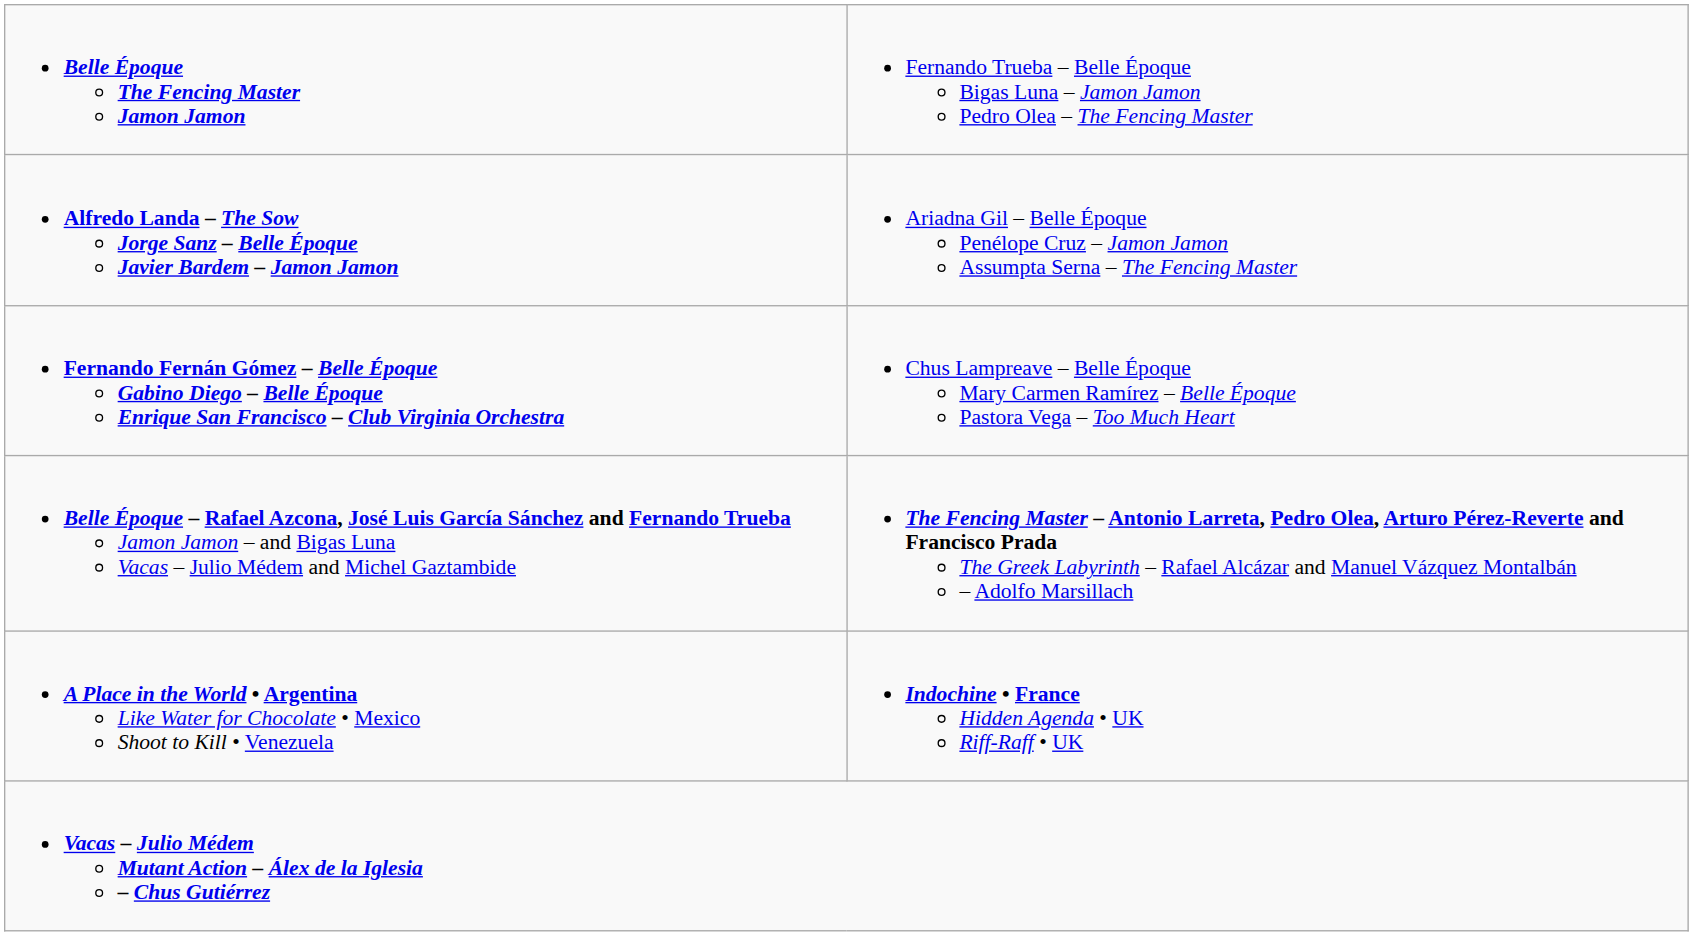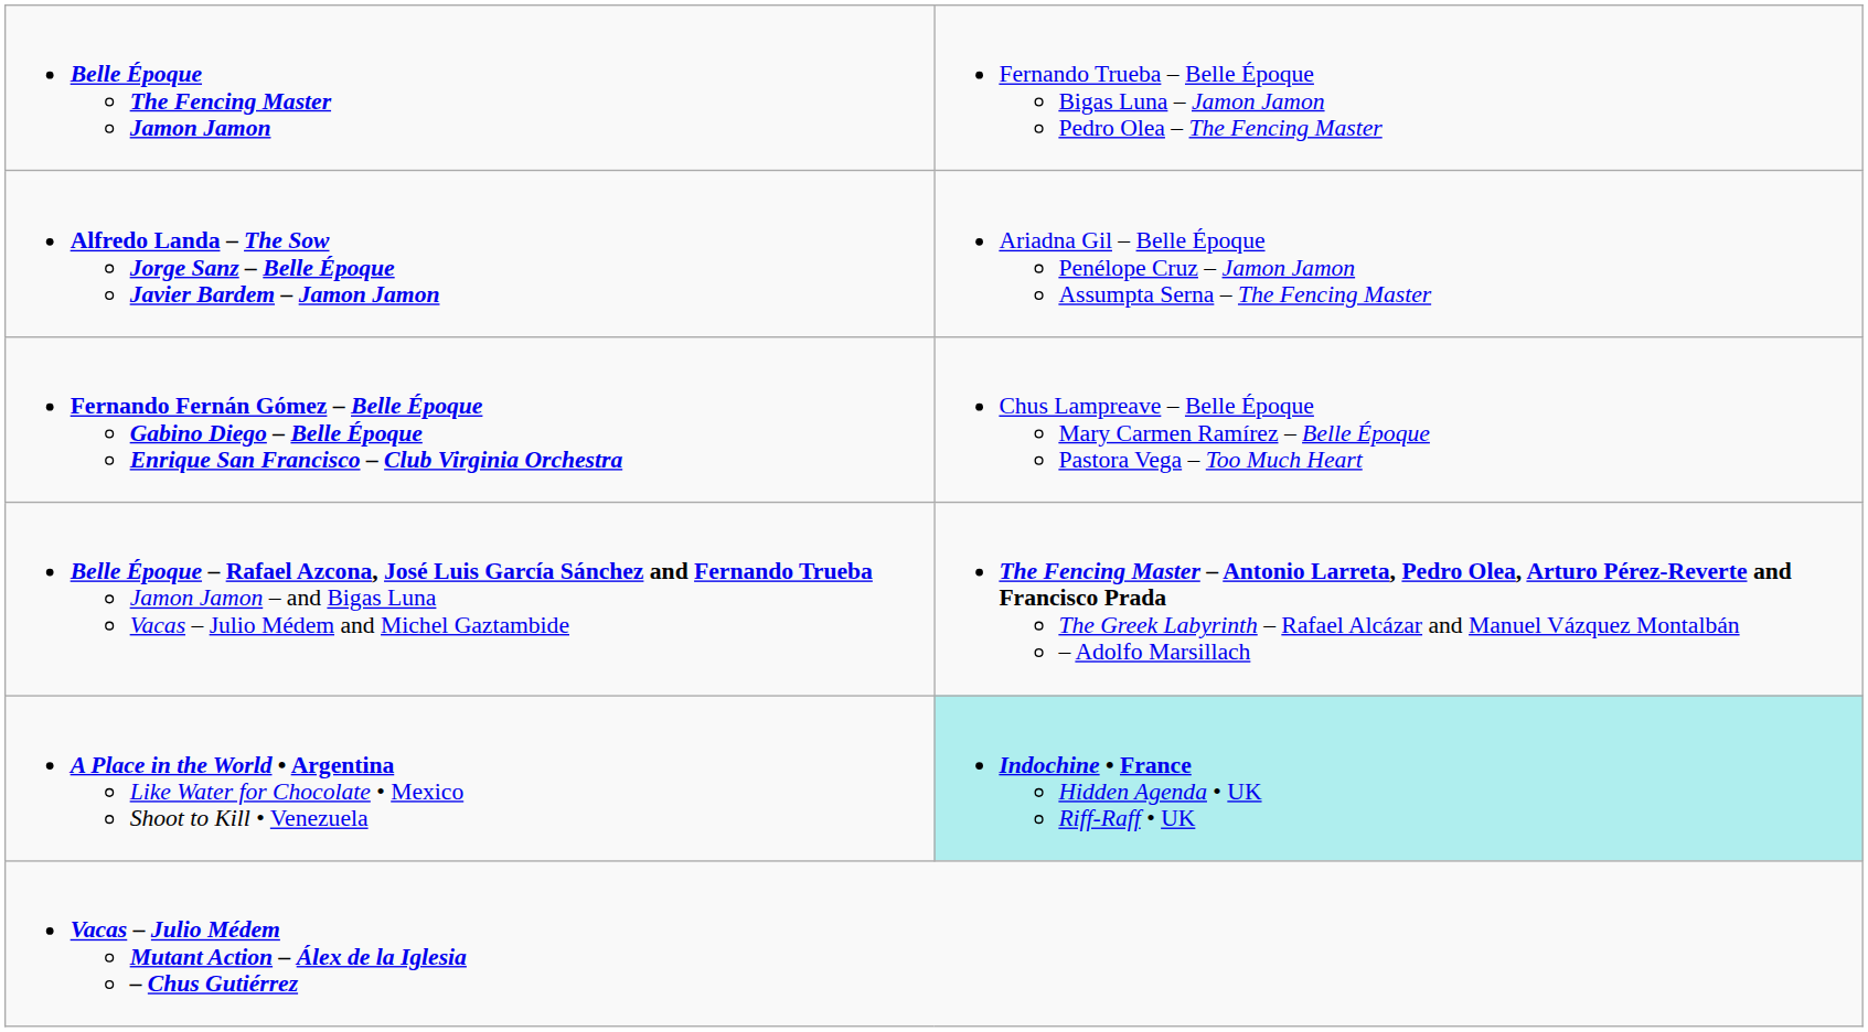 <table class=wikitable style="width=100%">
 <tr>
 <td style="vertical-align:top;" width="50%"><br><ul><li><strong> <em><a href='#'>Belle Époque</a><strong><em><ul><li></em><a href='#'>The Fencing Master</a><em></li><li></em><a href='#'>Jamon Jamon</a><em></li></ul></li></ul></td>
 <td style="vertical-align:top;" width="50%"><br><ul><li></strong> <a href='#'>Fernando Trueba</a> – </em><a href='#'>Belle Époque</a></em></strong><ul><li><a href='#'>Bigas Luna</a> – <em><a href='#'>Jamon Jamon</a></em></li><li><a href='#'>Pedro Olea</a> – <em><a href='#'>The Fencing Master</a></em></li></ul></li></ul></td>
 </tr>
 <tr>
 <td style="vertical-align:top;" width="50%"><br><ul><li><strong> <a href='#'>Alfredo Landa</a> – <em><a href='#'>The Sow</a><strong><em><ul><li><a href='#'>Jorge Sanz</a> – </em><a href='#'>Belle Époque</a><em></li><li><a href='#'>Javier Bardem</a> – </em><a href='#'>Jamon Jamon</a><em></li></ul></li></ul></td>
 <td style="vertical-align:top;" width="50%"><br><ul><li></strong> <a href='#'>Ariadna Gil</a> – </em><a href='#'>Belle Époque</a></em></strong><ul><li><a href='#'>Penélope Cruz</a> – <em><a href='#'>Jamon Jamon</a></em></li><li><a href='#'>Assumpta Serna</a> – <em><a href='#'>The Fencing Master</a></em></li></ul></li></ul></td>
 </tr>
 <tr>
 <td style="vertical-align:top;" width="50%"><br><ul><li><strong> <a href='#'>Fernando Fernán Gómez</a> – <em><a href='#'>Belle Époque</a><strong><em><ul><li><a href='#'>Gabino Diego</a> – </em><a href='#'>Belle Époque</a><em></li><li><a href='#'>Enrique San Francisco</a> – </em><a href='#'>Club Virginia Orchestra</a><em></li></ul></li></ul></td>
 <td style="vertical-align:top;" width="50%"><br><ul><li></strong> <a href='#'>Chus Lampreave</a> – </em><a href='#'>Belle Époque</a></em></strong><ul><li><a href='#'>Mary Carmen Ramírez</a> – <em><a href='#'>Belle Époque</a></em></li><li><a href='#'>Pastora Vega</a> – <em><a href='#'>Too Much Heart</a></em></li></ul></li></ul></td>
 </tr>
 <tr>
 <td style="vertical-align:top;" width="50%"><br><ul><li><strong> <em><a href='#'>Belle Époque</a></em> – <a href='#'>Rafael Azcona</a>, <a href='#'>José Luis García Sánchez</a> and <a href='#'>Fernando Trueba</a></strong><ul><li><em><a href='#'>Jamon Jamon</a></em> –  and <a href='#'>Bigas Luna</a></li><li><em><a href='#'>Vacas</a></em> – <a href='#'>Julio Médem</a> and <a href='#'>Michel Gaztambide</a></li></ul></li></ul></td>
 <td style="vertical-align:top;" width="50%"><br><ul><li><strong> <em><a href='#'>The Fencing Master</a></em> – <a href='#'>Antonio Larreta</a>, <a href='#'>Pedro Olea</a>, <a href='#'>Arturo Pérez-Reverte</a> and Francisco Prada</strong><ul><li><em><a href='#'>The Greek Labyrinth</a></em> – <a href='#'>Rafael Alcázar</a> and <a href='#'>Manuel Vázquez Montalbán</a></li><li><em></em> – <a href='#'>Adolfo Marsillach</a></li></ul></li></ul></td>
 </tr>
 <tr>
 <td style="vertical-align:top;" width="50%"><br><ul><li><strong> <em><a href='#'>A Place in the World</a></em> • <a href='#'>Argentina</a></strong><ul><li><em><a href='#'>Like Water for Chocolate</a></em> • <a href='#'>Mexico</a></li><li><em>Shoot to Kill</em> • <a href='#'>Venezuela</a></li></ul></li></ul></td>
-<td style="vertical-align:top;" width="50%"><br><ul><li><strong> <em><a href='#'>Indochine</a></em> • <a href='#'>France</a></strong><ul><li><em><a href='#'>Hidden Agenda</a></em> • <a href='#'>UK</a></li><li><em><a href='#'>Riff-Raff</a></em> • <a href='#'>UK</a></li></ul></li></ul></td>
+<td style="background: paleturquoise; vertical-align:top;" width="50%"><br><ul><li><strong> <em><a href='#'>Indochine</a></em> • <a href='#'>France</a></strong><ul><li><em><a href='#'>Hidden Agenda</a></em> • <a href='#'>UK</a></li><li><em><a href='#'>Riff-Raff</a></em> • <a href='#'>UK</a></li></ul></li></ul></td>
 </tr>
 <tr>
 <td colspan  ="2" style="vertical-align:top;" width="100%"><br><ul><li><strong><em><a href='#'>Vacas</a><em> – <a href='#'>Julio Médem</a><strong><ul><li></em><a href='#'>Mutant Action</a><em> – <a href='#'>Álex de la Iglesia</a></li><li></em><em> – <a href='#'>Chus Gutiérrez</a></li></ul></li></ul></td>
 </tr>
 </table>
